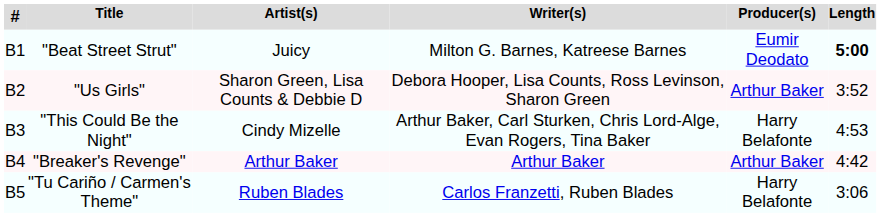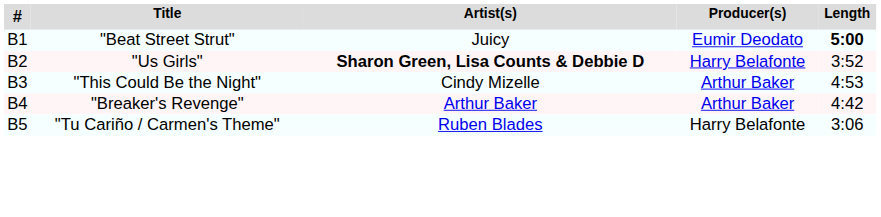 <table bgcolor="white" cellpadding="1" cellspacing="0" border="0" style="font-size: 113%; border: white solid 0px; border-collapse: collapse;" width="75%">
 <tr bgcolor="gainsboro">
 <th>#</th>
 <th><sup>Title</sup></th>
 <th><sup>Artist(s)</sup></th>
-<th><sup>Writer(s)</sup></th>
 <th><sup>Producer(s)</sup></th>
 <th><sup>Length</sup></th>
 </tr>
 <tr style="background: #F5FFFF; color: black;">
 <td align="center">B1</td>
 <td align="center">"Beat Street Strut"</td>
 <td align="center">Juicy</td>
-<td align="center">Milton G. Barnes, Katreese Barnes</td>
 <td align="center"><a href='#'>Eumir Deodato</a></td>
 <td align="center"><strong>5:00</strong></td>
 </tr>
 <tr style="background: #FFF5F7; color: black;">
 <td align="center">B2</td>
 <td align="center">"Us Girls"</td>
-<td align="center">Sharon Green, Lisa Counts & Debbie D</td>
-<td align="center">Debora Hooper, Lisa Counts, Ross Levinson, Sharon Green</td>
-<td align="center"><a href='#'>Arthur Baker</a></td>
+<td align="center"><strong>Sharon Green, Lisa Counts & Debbie D</strong></td>
+<td align="center"><a href='#'>Harry Belafonte</a></td>
 <td align="center">3:52</td>
 </tr>
 <tr style="background: #F5FFFF; color: black;">
 <td align="center">B3</td>
 <td align="center">"This Could Be the Night"</td>
 <td align="center">Cindy Mizelle</td>
-<td align="center">Arthur Baker, Carl Sturken, Chris Lord-Alge, Evan Rogers, Tina Baker</td>
-<td align="center">Harry Belafonte</td>
+<td align="center"><a href='#'>Arthur Baker</a></td>
 <td align="center">4:53</td>
 </tr>
 <tr style="background: #FFF5F7; color: black;">
 <td align="center">B4</td>
 <td align="center">"Breaker's Revenge"</td>
-<td align="center"><a href='#'>Arthur Baker</a></td>
 <td align="center"><a href='#'>Arthur Baker</a></td>
 <td align="center"><a href='#'>Arthur Baker</a></td>
 <td align="center">4:42</td>
 </tr>
 <tr style="background: #F5FFFF; color: black;">
 <td align="center">B5</td>
 <td align="center">"Tu Cariño / Carmen's Theme"</td>
 <td align="center"><a href='#'>Ruben Blades</a></td>
-<td align="center"><a href='#'>Carlos Franzetti</a>, Ruben Blades</td>
 <td align="center">Harry Belafonte</td>
 <td align="center">3:06</td>
 </tr>
 </table>
